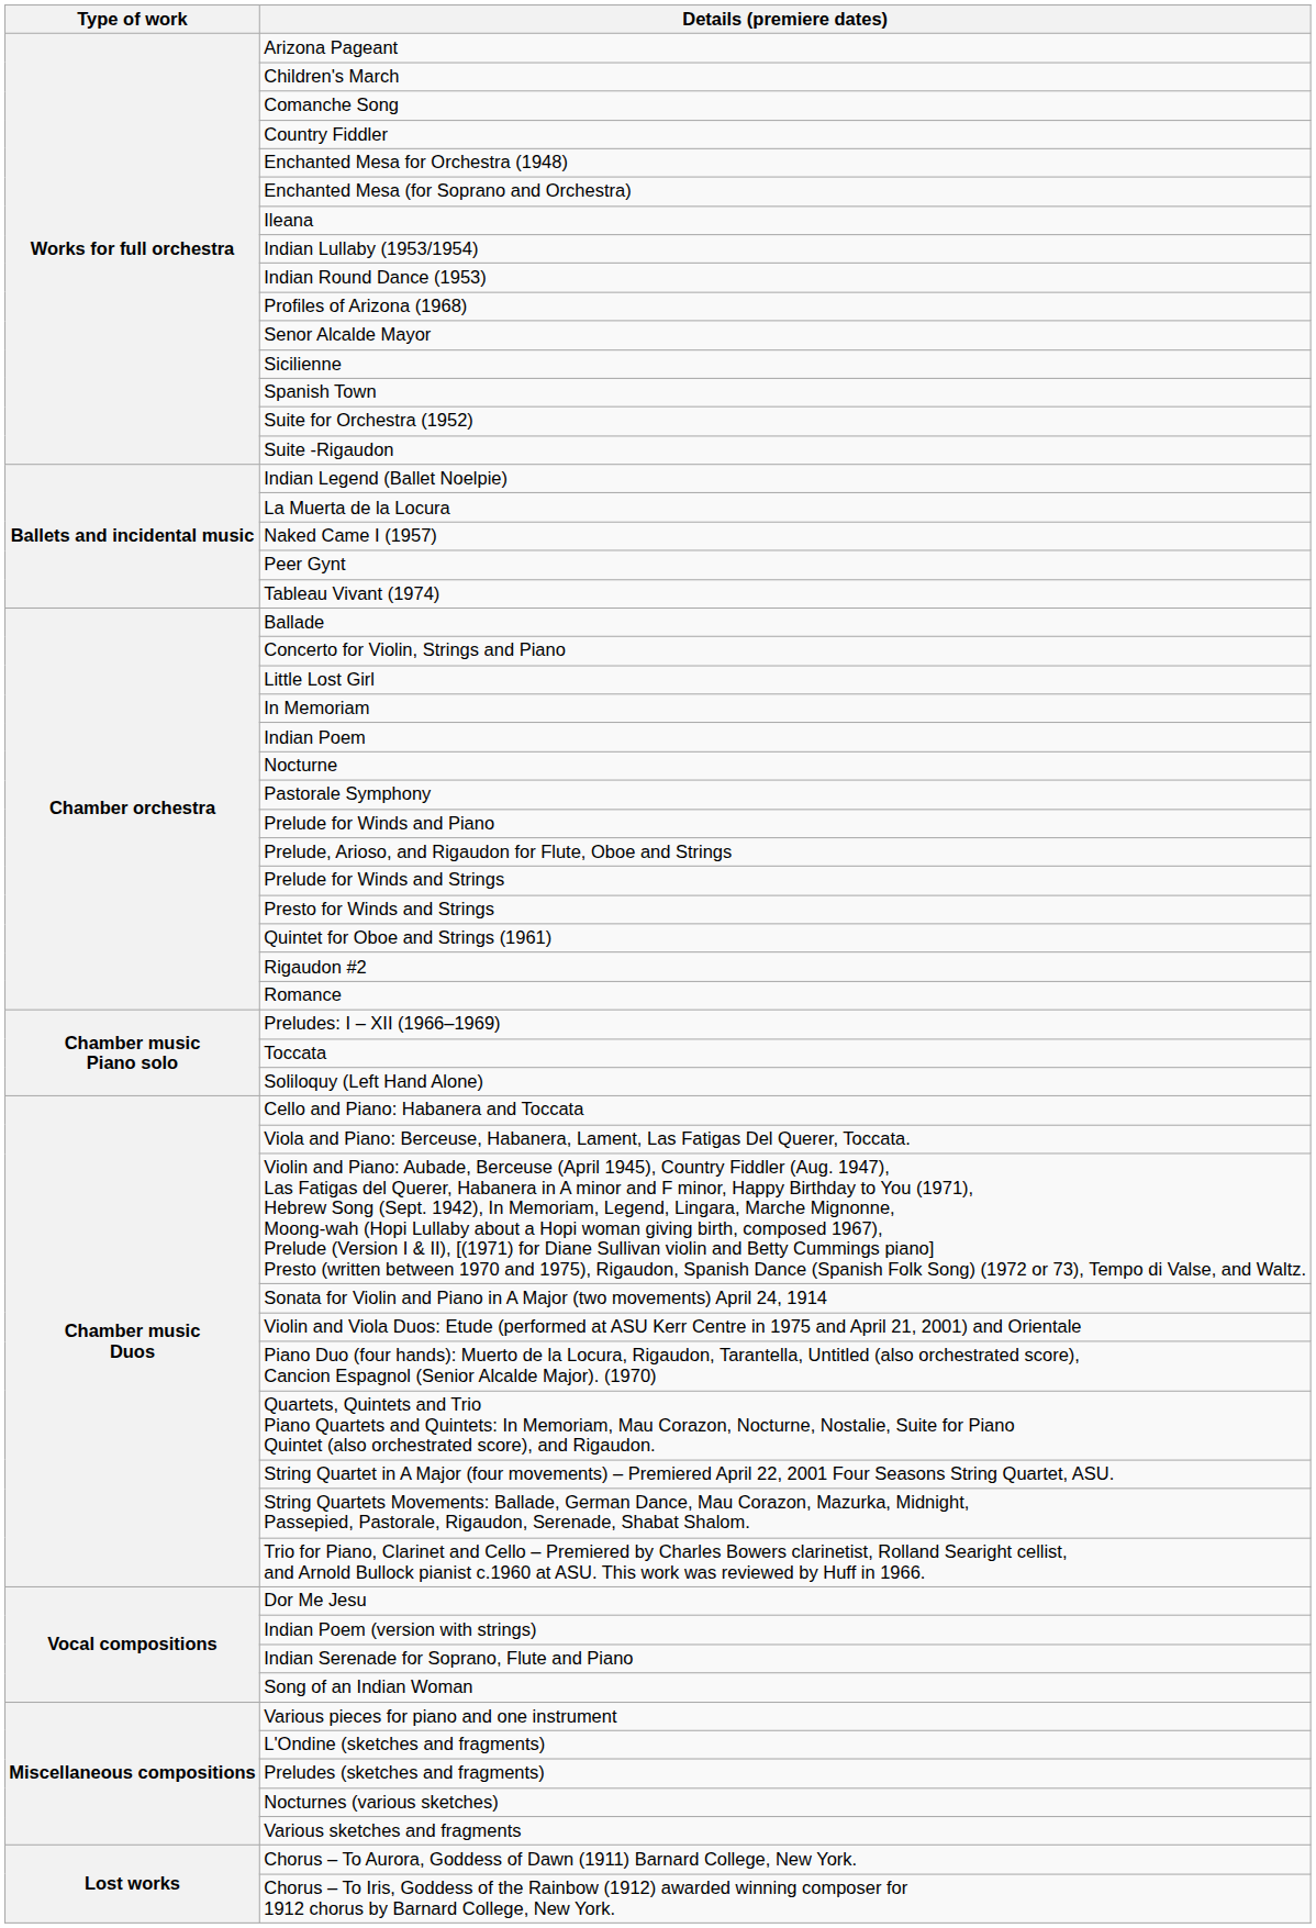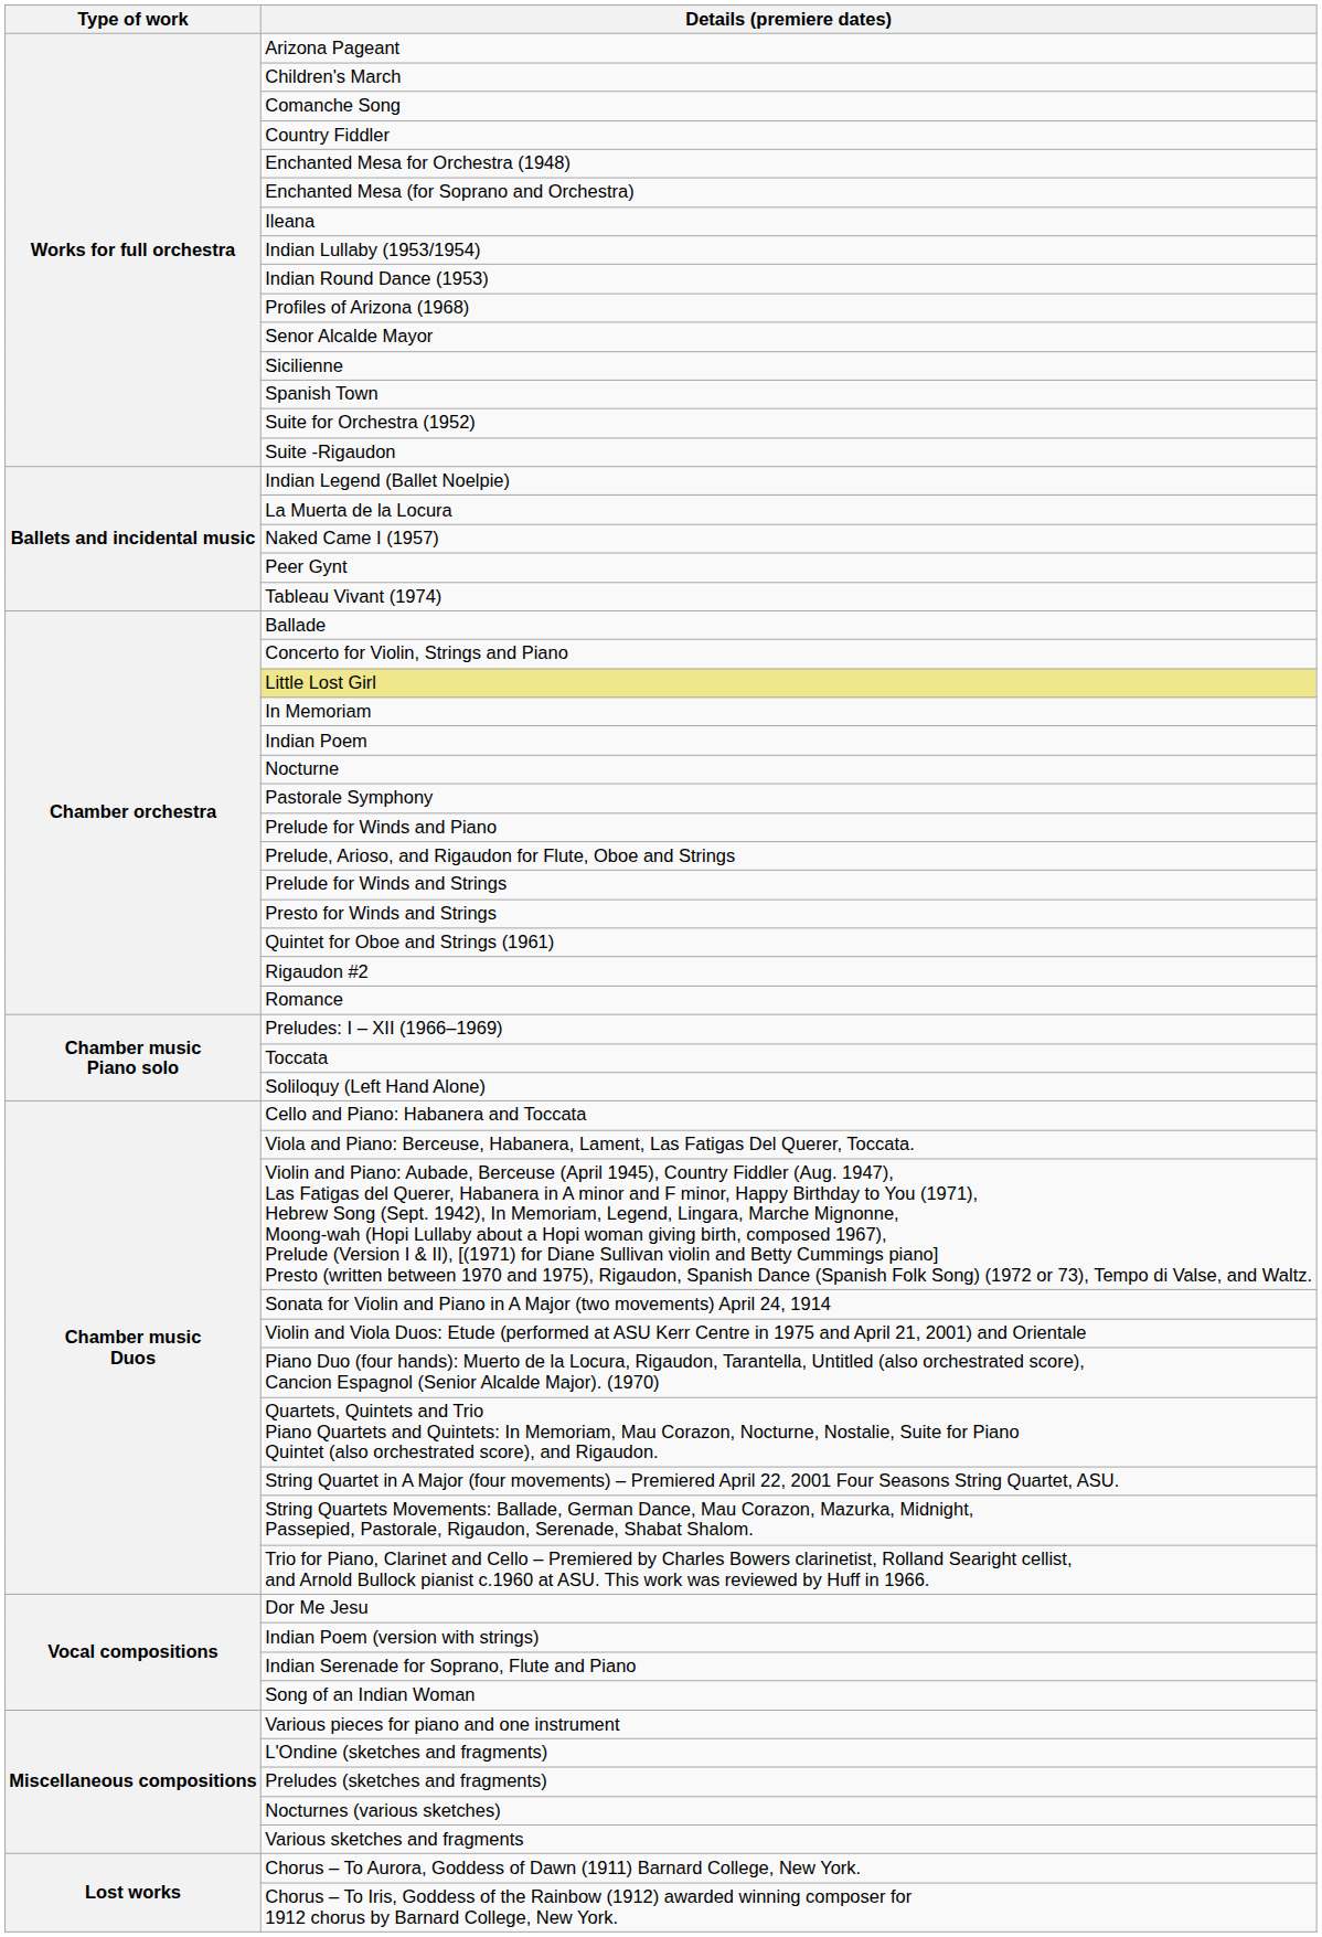 <table class="wikitable">
 <tr>
 <th>Type of work</th>
 <th>Details (premiere dates)</th>
 </tr>
 <tr>
 <th rowspan="15">Works for full orchestra</th>
 <td>Arizona Pageant</td>
 </tr>
 <tr>
 <td>Children's March</td>
 </tr>
 <tr>
 <td>Comanche Song</td>
 </tr>
 <tr>
 <td>Country Fiddler</td>
 </tr>
 <tr>
 <td>Enchanted Mesa for Orchestra (1948)</td>
 </tr>
 <tr>
 <td>Enchanted Mesa (for Soprano and Orchestra)</td>
 </tr>
 <tr>
 <td>Ileana</td>
 </tr>
 <tr>
 <td>Indian Lullaby (1953/1954)</td>
 </tr>
 <tr>
 <td>Indian Round Dance (1953)</td>
 </tr>
 <tr>
 <td>Profiles of Arizona (1968)</td>
 </tr>
 <tr>
 <td>Senor Alcalde Mayor</td>
 </tr>
 <tr>
 <td>Sicilienne</td>
 </tr>
 <tr>
 <td>Spanish Town</td>
 </tr>
 <tr>
 <td>Suite for Orchestra (1952)</td>
 </tr>
 <tr>
 <td>Suite -Rigaudon</td>
 </tr>
 <tr>
 <th rowspan="5">Ballets and incidental music</th>
 <td>Indian Legend (Ballet Noelpie)</td>
 </tr>
 <tr>
 <td>La Muerta de la Locura</td>
 </tr>
 <tr>
 <td>Naked Came I (1957)</td>
 </tr>
 <tr>
 <td>Peer Gynt</td>
 </tr>
 <tr>
 <td>Tableau Vivant (1974)</td>
 </tr>
 <tr>
 <th rowspan="14">Chamber orchestra</th>
 <td>Ballade</td>
 </tr>
 <tr>
 <td>Concerto for Violin, Strings and Piano</td>
 </tr>
 <tr>
-<td>Little Lost Girl</td>
+<td style="background: khaki;">Little Lost Girl</td>
 </tr>
 <tr>
 <td>In Memoriam</td>
 </tr>
 <tr>
 <td>Indian Poem</td>
 </tr>
 <tr>
 <td>Nocturne</td>
 </tr>
 <tr>
 <td>Pastorale Symphony</td>
 </tr>
 <tr>
 <td>Prelude for Winds and Piano</td>
 </tr>
 <tr>
 <td>Prelude, Arioso, and Rigaudon for Flute, Oboe and Strings</td>
 </tr>
 <tr>
 <td>Prelude for Winds and Strings</td>
 </tr>
 <tr>
 <td>Presto for Winds and Strings</td>
 </tr>
 <tr>
 <td>Quintet for Oboe and Strings (1961)</td>
 </tr>
 <tr>
 <td>Rigaudon #2</td>
 </tr>
 <tr>
 <td>Romance</td>
 </tr>
 <tr>
 <th rowspan="3">Chamber music<br>Piano solo</th>
 <td>Preludes: I – XII (1966–1969)</td>
 </tr>
 <tr>
 <td>Toccata</td>
 </tr>
 <tr>
 <td>Soliloquy (Left Hand Alone)</td>
 </tr>
 <tr>
 <th rowspan="10">Chamber music<br>Duos</th>
 <td>Cello and Piano: Habanera and Toccata</td>
 </tr>
 <tr>
 <td>Viola and Piano: Berceuse, Habanera, Lament, Las Fatigas Del Querer, Toccata.</td>
 </tr>
 <tr>
 <td>Violin and Piano: Aubade, Berceuse (April 1945), Country Fiddler (Aug. 1947),<br>Las Fatigas del Querer, Habanera in A minor and F minor, Happy Birthday to You (1971),<br>Hebrew Song (Sept. 1942), In Memoriam, Legend, Lingara, Marche Mignonne,<br>Moong-wah (Hopi Lullaby about a Hopi woman giving birth, composed 1967),<br>Prelude (Version I & II), [(1971) for Diane Sullivan violin and Betty Cummings piano]<br>Presto (written between 1970 and 1975), Rigaudon, Spanish Dance (Spanish Folk Song) (1972 or 73), Tempo di Valse, and Waltz.</td>
 </tr>
 <tr>
 <td>Sonata for Violin and Piano in A Major (two movements) April 24, 1914</td>
 </tr>
 <tr>
 <td>Violin and Viola Duos: Etude (performed at ASU Kerr Centre in 1975 and April 21, 2001) and Orientale</td>
 </tr>
 <tr>
 <td>Piano Duo (four hands): Muerto de la Locura, Rigaudon, Tarantella, Untitled (also orchestrated score),<br>Cancion Espagnol (Senior Alcalde Major). (1970)</td>
 </tr>
 <tr>
 <td>Quartets, Quintets and Trio<br>Piano Quartets and Quintets: In Memoriam, Mau Corazon, Nocturne, Nostalie, Suite for Piano<br>Quintet (also orchestrated score), and Rigaudon.</td>
 </tr>
 <tr>
 <td>String Quartet in A Major (four movements) – Premiered April 22, 2001 Four Seasons String Quartet, ASU.</td>
 </tr>
 <tr>
 <td>String Quartets Movements: Ballade, German Dance, Mau Corazon, Mazurka, Midnight,<br>Passepied, Pastorale, Rigaudon, Serenade, Shabat Shalom.</td>
 </tr>
 <tr>
 <td>Trio for Piano, Clarinet and Cello – Premiered by Charles Bowers clarinetist, Rolland Searight cellist,<br>and Arnold Bullock pianist c.1960 at ASU. This work was reviewed by Huff in 1966.</td>
 </tr>
 <tr>
 <th rowspan="4">Vocal compositions</th>
 <td>Dor Me Jesu</td>
 </tr>
 <tr>
 <td>Indian Poem (version with strings)</td>
 </tr>
 <tr>
 <td>Indian Serenade for Soprano, Flute and Piano</td>
 </tr>
 <tr>
 <td>Song of an Indian Woman</td>
 </tr>
 <tr>
 <th rowspan="5">Miscellaneous compositions</th>
 <td>Various pieces for piano and one instrument</td>
 </tr>
 <tr>
 <td>L'Ondine (sketches and fragments)</td>
 </tr>
 <tr>
 <td>Preludes (sketches and fragments)</td>
 </tr>
 <tr>
 <td>Nocturnes (various sketches)</td>
 </tr>
 <tr>
 <td>Various sketches and fragments</td>
 </tr>
 <tr>
 <th rowspan="2">Lost works</th>
 <td>Chorus – To Aurora, Goddess of Dawn (1911) Barnard College, New York.</td>
 </tr>
 <tr>
 <td>Chorus – To Iris, Goddess of the Rainbow (1912) awarded winning composer for<br>1912 chorus by Barnard College, New York.</td>
 </tr>
 </table>
